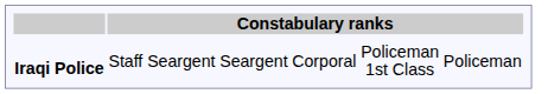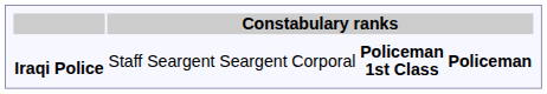 <table style="border:1px solid #8888aa; background-color:#f7f8ff; padding:5px; font-size:95%; margin: 0px 12px 12px 0px;">
 <tr style="background:#ccc;">
 <th></th>
 <th colspan=8>Constabulary ranks</th>
 </tr>
 <tr style="text-align:center;">
 <td rowspan=3> <br> <strong>Iraqi Police</strong></td>
 <td></td>
 <td></td>
 <td></td>
 <td></td>
 <td></td>
 </tr>
 <tr style="text-align:center;">
 <td>Staff Seargent</td>
 <td>Seargent</td>
 <td>Corporal</td>
-<td>Policeman <br> 1st Class</td>
-<td>Policeman</td>
+<td><strong>Policeman <br> 1st Class</strong></td>
+<td><strong>Policeman</strong></td>
 </tr>
 </table>
